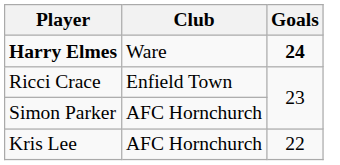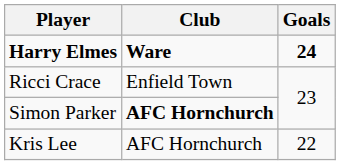 <table class="wikitable">
 <tr>
 <th>Player</th>
 <th>Club</th>
 <th>Goals</th>
 </tr>
 <tr>
 <td><strong>Harry Elmes</strong></td>
-<td>Ware</td>
+<td><strong>Ware</strong></td>
 <td align="center"><strong>24</strong></td>
 </tr>
 <tr>
 <td>Ricci Crace</td>
 <td>Enfield Town</td>
 <td rowspan=2 align="center">23</td>
 </tr>
 <tr>
 <td>Simon Parker</td>
-<td>AFC Hornchurch</td>
+<td><strong>AFC Hornchurch</strong></td>
 </tr>
 <tr>
 <td>Kris Lee</td>
 <td>AFC Hornchurch</td>
 <td align="center">22</td>
 </tr>
 </table>
